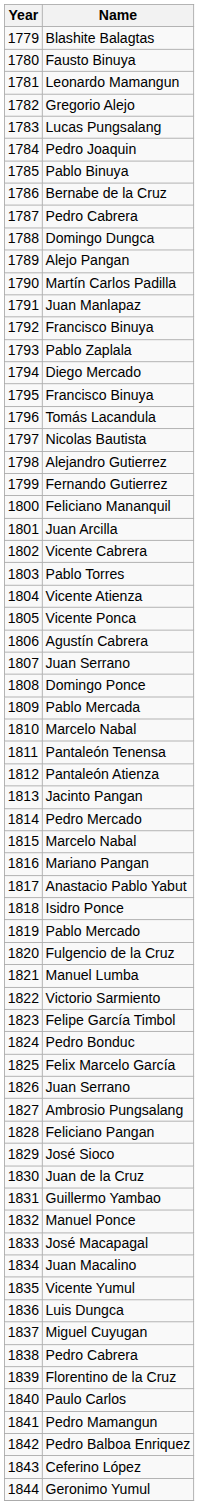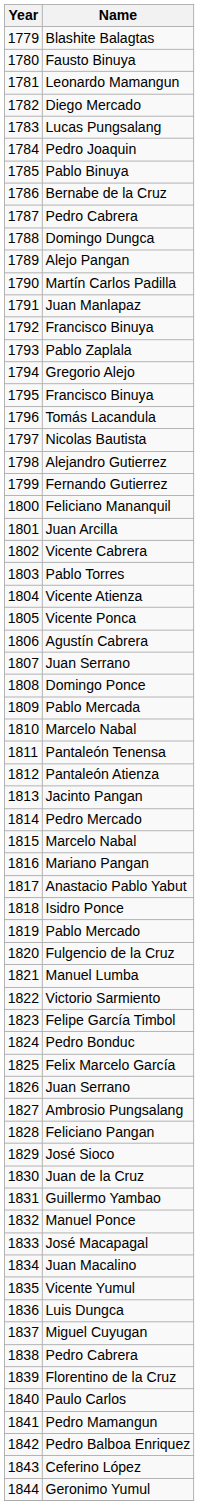 <table class="wikitable">
 <tr>
 <th>Year</th>
 <th>Name</th>
 </tr>
 <tr>
 <td>1779</td>
 <td>Blashite Balagtas</td>
 </tr>
 <tr>
 <td>1780</td>
 <td>Fausto Binuya</td>
 </tr>
 <tr>
 <td>1781</td>
 <td>Leonardo Mamangun</td>
 </tr>
 <tr>
 <td>1782</td>
-<td>Gregorio Alejo</td>
+<td>Diego Mercado</td>
 </tr>
 <tr>
 <td>1783</td>
 <td>Lucas Pungsalang</td>
 </tr>
 <tr>
 <td>1784</td>
 <td>Pedro Joaquin</td>
 </tr>
 <tr>
 <td>1785</td>
 <td>Pablo Binuya</td>
 </tr>
 <tr>
 <td>1786</td>
 <td>Bernabe de la Cruz</td>
 </tr>
 <tr>
 <td>1787</td>
 <td>Pedro Cabrera</td>
 </tr>
 <tr>
 <td>1788</td>
 <td>Domingo Dungca</td>
 </tr>
 <tr>
 <td>1789</td>
 <td>Alejo Pangan</td>
 </tr>
 <tr>
 <td>1790</td>
 <td>Martín Carlos Padilla</td>
 </tr>
 <tr>
 <td>1791</td>
 <td>Juan Manlapaz</td>
 </tr>
 <tr>
 <td>1792</td>
 <td>Francisco Binuya</td>
 </tr>
 <tr>
 <td>1793</td>
 <td>Pablo Zaplala</td>
 </tr>
 <tr>
 <td>1794</td>
-<td>Diego Mercado</td>
+<td>Gregorio Alejo</td>
 </tr>
 <tr>
 <td>1795</td>
 <td>Francisco Binuya</td>
 </tr>
 <tr>
 <td>1796</td>
 <td>Tomás Lacandula</td>
 </tr>
 <tr>
 <td>1797</td>
 <td>Nicolas Bautista</td>
 </tr>
 <tr>
 <td>1798</td>
 <td>Alejandro Gutierrez</td>
 </tr>
 <tr>
 <td>1799</td>
 <td>Fernando Gutierrez</td>
 </tr>
 <tr>
 <td>1800</td>
 <td>Feliciano Mananquil</td>
 </tr>
 <tr>
 <td>1801</td>
 <td>Juan Arcilla</td>
 </tr>
 <tr>
 <td>1802</td>
 <td>Vicente Cabrera</td>
 </tr>
 <tr>
 <td>1803</td>
 <td>Pablo Torres</td>
 </tr>
 <tr>
 <td>1804</td>
 <td>Vicente Atienza</td>
 </tr>
 <tr>
 <td>1805</td>
 <td>Vicente Ponca</td>
 </tr>
 <tr>
 <td>1806</td>
 <td>Agustín Cabrera</td>
 </tr>
 <tr>
 <td>1807</td>
 <td>Juan Serrano</td>
 </tr>
 <tr>
 <td>1808</td>
 <td>Domingo Ponce</td>
 </tr>
 <tr>
 <td>1809</td>
 <td>Pablo Mercada</td>
 </tr>
 <tr>
 <td>1810</td>
 <td>Marcelo Nabal</td>
 </tr>
 <tr>
 <td>1811</td>
 <td>Pantaleón Tenensa</td>
 </tr>
 <tr>
 <td>1812</td>
 <td>Pantaleón Atienza</td>
 </tr>
 <tr>
 <td>1813</td>
 <td>Jacinto Pangan</td>
 </tr>
 <tr>
 <td>1814</td>
 <td>Pedro Mercado</td>
 </tr>
 <tr>
 <td>1815</td>
 <td>Marcelo Nabal</td>
 </tr>
 <tr>
 <td>1816</td>
 <td>Mariano Pangan</td>
 </tr>
 <tr>
 <td>1817</td>
 <td>Anastacio Pablo Yabut</td>
 </tr>
 <tr>
 <td>1818</td>
 <td>Isidro Ponce</td>
 </tr>
 <tr>
 <td>1819</td>
 <td>Pablo Mercado</td>
 </tr>
 <tr>
 <td>1820</td>
 <td>Fulgencio de la Cruz</td>
 </tr>
 <tr>
 <td>1821</td>
 <td>Manuel Lumba</td>
 </tr>
 <tr>
 <td>1822</td>
 <td>Victorio Sarmiento</td>
 </tr>
 <tr>
 <td>1823</td>
 <td>Felipe García Timbol</td>
 </tr>
 <tr>
 <td>1824</td>
 <td>Pedro Bonduc</td>
 </tr>
 <tr>
 <td>1825</td>
 <td>Felix Marcelo García</td>
 </tr>
 <tr>
 <td>1826</td>
 <td>Juan Serrano</td>
 </tr>
 <tr>
 <td>1827</td>
 <td>Ambrosio Pungsalang</td>
 </tr>
 <tr>
 <td>1828</td>
 <td>Feliciano Pangan</td>
 </tr>
 <tr>
 <td>1829</td>
 <td>José Sioco</td>
 </tr>
 <tr>
 <td>1830</td>
 <td>Juan de la Cruz</td>
 </tr>
 <tr>
 <td>1831</td>
 <td>Guillermo Yambao</td>
 </tr>
 <tr>
 <td>1832</td>
 <td>Manuel Ponce</td>
 </tr>
 <tr>
 <td>1833</td>
 <td>José Macapagal</td>
 </tr>
 <tr>
 <td>1834</td>
 <td>Juan Macalino</td>
 </tr>
 <tr>
 <td>1835</td>
 <td>Vicente Yumul</td>
 </tr>
 <tr>
 <td>1836</td>
 <td>Luis Dungca</td>
 </tr>
 <tr>
 <td>1837</td>
 <td>Miguel Cuyugan</td>
 </tr>
 <tr>
 <td>1838</td>
 <td>Pedro Cabrera</td>
 </tr>
 <tr>
 <td>1839</td>
 <td>Florentino de la Cruz</td>
 </tr>
 <tr>
 <td>1840</td>
 <td>Paulo Carlos</td>
 </tr>
 <tr>
 <td>1841</td>
 <td>Pedro Mamangun</td>
 </tr>
 <tr>
 <td>1842</td>
 <td>Pedro Balboa Enriquez</td>
 </tr>
 <tr>
 <td>1843</td>
 <td>Ceferino López</td>
 </tr>
 <tr>
 <td>1844</td>
 <td>Geronimo Yumul</td>
 </tr>
 <tr>
 </tr>
 </table>
